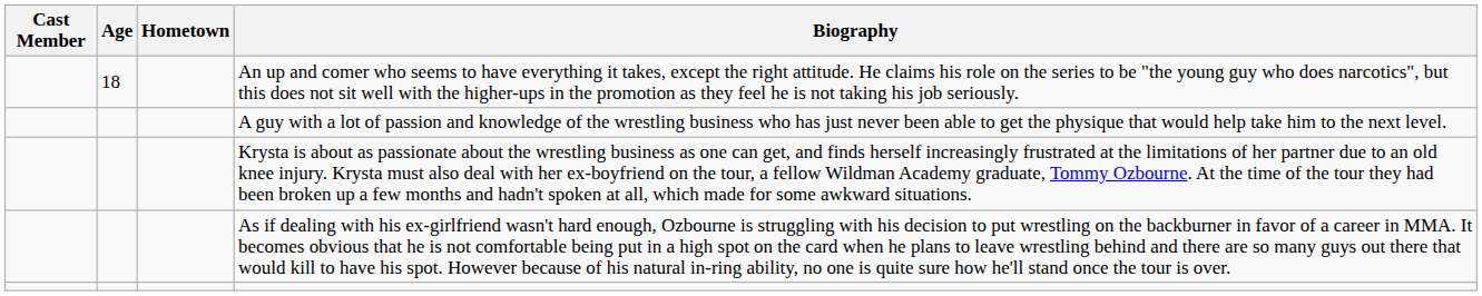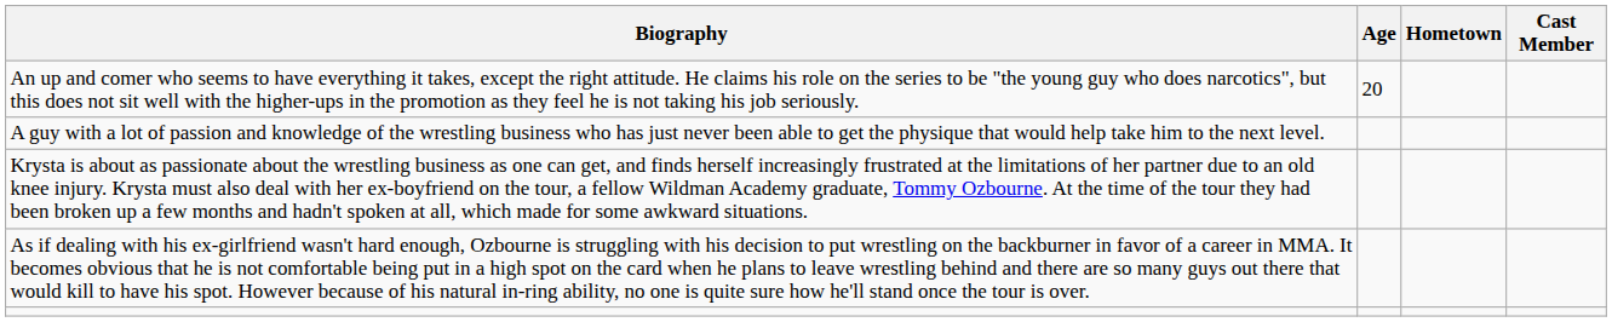 <table class="wikitable sortable">
 <tr>
-<th>Cast Member</th>
+<th>Biography</th>
 <th>Age</th>
 <th>Hometown</th>
-<th>Biography</th>
+<th>Cast Member</th>
 </tr>
 <tr>
+<td>An up and comer who seems to have everything it takes, except the right attitude.  He claims his role on the series to be "the young guy who does narcotics", but this does not sit well with the higher-ups in the promotion as they feel he is not taking his job seriously.</td>
+<td>20</td>
 <td></td>
-<td>18</td>
 <td></td>
-<td>An up and comer who seems to have everything it takes, except the right attitude.  He claims his role on the series to be "the young guy who does narcotics", but this does not sit well with the higher-ups in the promotion as they feel he is not taking his job seriously.</td>
 </tr>
 <tr>
+<td>A guy with a lot of passion and knowledge of the wrestling business who has just never been able to get the physique that would help take him to the next level.</td>
 <td></td>
 <td></td>
 <td></td>
-<td>A guy with a lot of passion and knowledge of the wrestling business who has just never been able to get the physique that would help take him to the next level.</td>
 </tr>
 <tr>
+<td>Krysta is about as passionate about the wrestling business as one can get, and finds herself increasingly frustrated at the limitations of her partner due to an old knee injury.  Krysta must also deal with her ex-boyfriend on the tour, a fellow Wildman Academy graduate, <a href='#'>Tommy Ozbourne</a>.  At the time of the tour they had been broken up a few months and hadn't spoken at all, which made for some awkward situations.</td>
 <td></td>
 <td></td>
 <td></td>
-<td>Krysta is about as passionate about the wrestling business as one can get, and finds herself increasingly frustrated at the limitations of her partner due to an old knee injury.  Krysta must also deal with her ex-boyfriend on the tour, a fellow Wildman Academy graduate, <a href='#'>Tommy Ozbourne</a>.  At the time of the tour they had been broken up a few months and hadn't spoken at all, which made for some awkward situations.</td>
 </tr>
 <tr>
+<td>As if dealing with his ex-girlfriend wasn't hard enough, Ozbourne is struggling with his decision to put wrestling on the backburner in favor of a career in MMA. It becomes obvious that he is not comfortable being put in a high spot on the card when he plans to leave wrestling behind and there are so many guys out there that would kill to have his spot. However because of his natural in-ring ability, no one is quite sure how he'll stand once the tour is over.</td>
 <td></td>
 <td></td>
 <td></td>
-<td>As if dealing with his ex-girlfriend wasn't hard enough, Ozbourne is struggling with his decision to put wrestling on the backburner in favor of a career in MMA. It becomes obvious that he is not comfortable being put in a high spot on the card when he plans to leave wrestling behind and there are so many guys out there that would kill to have his spot. However because of his natural in-ring ability, no one is quite sure how he'll stand once the tour is over.</td>
 </tr>
 <tr>
 <td></td>
 <td></td>
 <td></td>
 <td></td>
 </tr>
 </table>
